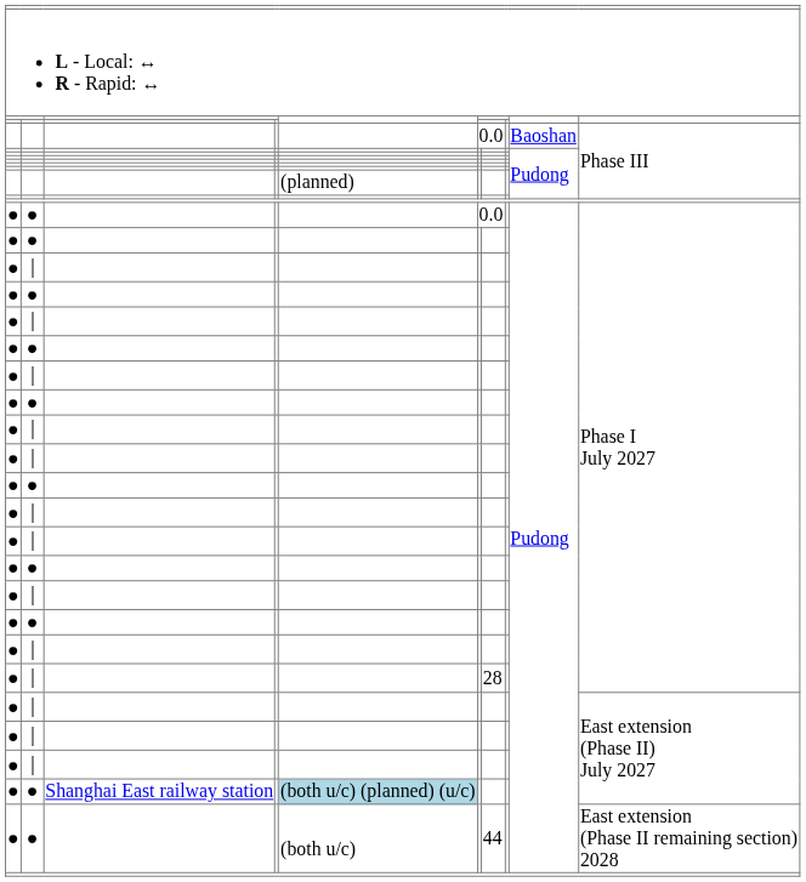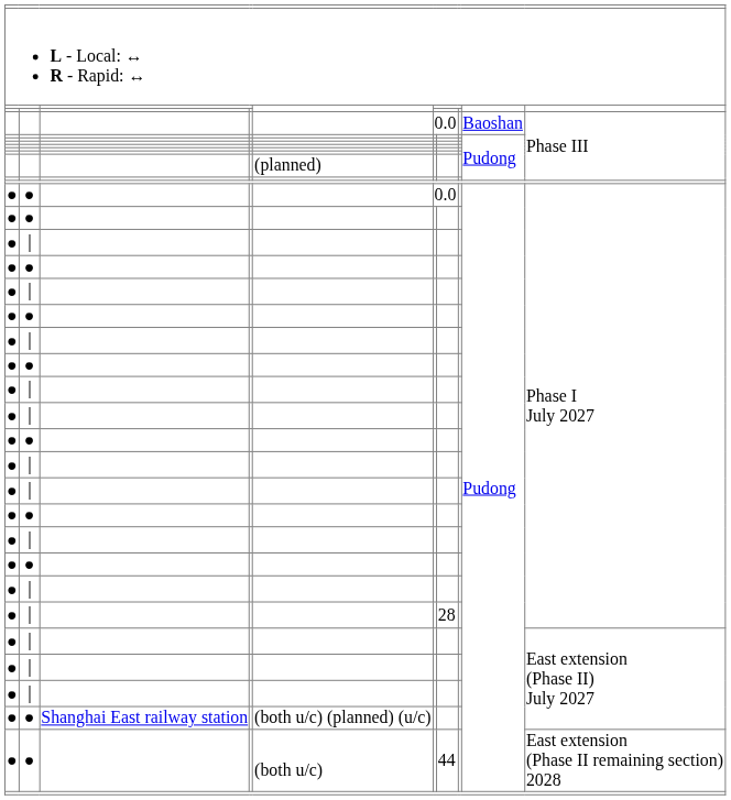 <table border=1 style="border-collapse: collapse;" class="mw-collapsible">
 <tr>
 <th colspan="11" style="text-align: center"></th>
 </tr>
 <tr>
 <td colspan="10" style="text-align: left"><br><ul><li><strong>L</strong> - Local:  ↔ </li><li><strong>R</strong> - Rapid:  ↔ </li></ul></td>
 </tr>
 <tr>
 <th rowspan="1" colspan="2"></th>
 <th colspan="2"></th>
 <th rowspan="2"></th>
 <th colspan="3" rowspan="1"></th>
 <th rowspan="2"></th>
 <th rowspan="2"></th>
 </tr>
 <tr>
 <th rowspan="1"></th>
 <th rowspan="1"></th>
 <th></th>
 <th></th>
 <th colspan="2"></th>
 <th></th>
 </tr>
 <tr>
 <td align="center"></td>
 <td align="center"></td>
 <td></td>
 <td></td>
 <td></td>
 <td colspan="2">0.0</td>
 <td></td>
 <td><a href='#'>Baoshan</a></td>
 <td rowspan="9">Phase III<br></td>
 </tr>
 <tr>
 <td align="center"></td>
 <td align="center"></td>
 <td></td>
 <td></td>
 <td></td>
 <td></td>
 <td></td>
 <td></td>
 <td rowspan="8"><a href='#'>Pudong</a></td>
 </tr>
 <tr>
 <td align="center"></td>
 <td align="center"></td>
 <td></td>
 <td></td>
 <td></td>
 <td></td>
 <td></td>
 <td></td>
 </tr>
 <tr>
 <td align="center"></td>
 <td align="center"></td>
 <td></td>
 <td></td>
 <td></td>
 <td></td>
 <td></td>
 <td></td>
 </tr>
 <tr>
 <td align="center"></td>
 <td align="center"></td>
 <td></td>
 <td></td>
 <td></td>
 <td></td>
 <td></td>
 <td></td>
 </tr>
 <tr>
 <td align="center"></td>
 <td align="center"></td>
 <td></td>
 <td></td>
 <td></td>
 <td></td>
 <td></td>
 <td></td>
 </tr>
 <tr>
 <td align="center"></td>
 <td align="center"></td>
 <td></td>
 <td></td>
 <td></td>
 <td></td>
 <td></td>
 <td></td>
 </tr>
 <tr>
 <td align="center"></td>
 <td align="center"></td>
 <td></td>
 <td></td>
 <td> (planned)</td>
 <td></td>
 <td></td>
 <td></td>
 </tr>
 <tr>
 <td align="center"></td>
 <td align="center"></td>
 <td></td>
 <td></td>
 <td></td>
 <td></td>
 <td></td>
 <td></td>
 </tr>
 <tr style="background:#">
 <td colspan = "10"></td>
 </tr>
 <tr>
 <td align="center">●</td>
 <td align="center">●</td>
 <td></td>
 <td></td>
 <td></td>
 <td colspan="2">0.0</td>
 <td></td>
 <td rowspan="23"><a href='#'>Pudong</a></td>
 <td rowspan="18">Phase I<br>July 2027</td>
 </tr>
 <tr>
 <td align="center">●</td>
 <td align="center">●</td>
 <td></td>
 <td></td>
 <td></td>
 <td></td>
 <td></td>
 <td></td>
 </tr>
 <tr>
 <td align="center">●</td>
 <td align="center">｜</td>
 <td></td>
 <td></td>
 <td></td>
 <td></td>
 <td></td>
 <td></td>
 </tr>
 <tr>
 <td align="center">●</td>
 <td align="center">●</td>
 <td></td>
 <td></td>
 <td></td>
 <td></td>
 <td></td>
 <td></td>
 </tr>
 <tr>
 <td align="center">●</td>
 <td align="center">｜</td>
 <td></td>
 <td></td>
 <td></td>
 <td></td>
 <td></td>
 <td></td>
 </tr>
 <tr>
 <td align="center">●</td>
 <td align="center">●</td>
 <td></td>
 <td></td>
 <td></td>
 <td></td>
 <td></td>
 <td></td>
 </tr>
 <tr>
 <td align="center">●</td>
 <td align="center">｜</td>
 <td></td>
 <td></td>
 <td></td>
 <td></td>
 <td></td>
 <td></td>
 </tr>
 <tr>
 <td align="center">●</td>
 <td align="center">●</td>
 <td></td>
 <td></td>
 <td></td>
 <td></td>
 <td></td>
 <td></td>
 </tr>
 <tr>
 <td align="center">●</td>
 <td align="center">｜</td>
 <td></td>
 <td></td>
 <td></td>
 <td></td>
 <td></td>
 <td></td>
 </tr>
 <tr>
 <td align="center">●</td>
 <td align="center">｜</td>
 <td></td>
 <td></td>
 <td></td>
 <td></td>
 <td></td>
 <td></td>
 </tr>
 <tr>
 <td align="center">●</td>
 <td align="center">●</td>
 <td></td>
 <td></td>
 <td></td>
 <td></td>
 <td></td>
 <td></td>
 </tr>
 <tr>
 <td align="center">●</td>
 <td align="center">｜</td>
 <td></td>
 <td></td>
 <td></td>
 <td></td>
 <td></td>
 <td></td>
 </tr>
 <tr>
 <td align="center">●</td>
 <td align="center">｜</td>
 <td></td>
 <td></td>
 <td></td>
 <td></td>
 <td></td>
 <td></td>
 </tr>
 <tr>
 <td align="center">●</td>
 <td align="center">●</td>
 <td></td>
 <td></td>
 <td> </td>
 <td></td>
 <td></td>
 <td></td>
 </tr>
 <tr>
 <td align="center">●</td>
 <td align="center">｜</td>
 <td></td>
 <td></td>
 <td></td>
 <td></td>
 <td></td>
 <td></td>
 </tr>
 <tr>
 <td align="center">●</td>
 <td align="center">●</td>
 <td></td>
 <td></td>
 <td></td>
 <td></td>
 <td></td>
 <td></td>
 </tr>
 <tr>
 <td align="center">●</td>
 <td align="center">｜</td>
 <td></td>
 <td></td>
 <td></td>
 <td></td>
 <td></td>
 <td></td>
 </tr>
 <tr>
 <td align="center">●</td>
 <td align="center">｜</td>
 <td></td>
 <td></td>
 <td></td>
 <td></td>
 <td>28</td>
 <td></td>
 </tr>
 <tr>
 <td align="center">●</td>
 <td align="center">｜</td>
 <td></td>
 <td></td>
 <td></td>
 <td></td>
 <td></td>
 <td></td>
 <td rowspan="4">East extension<br>(Phase II)<br>July 2027</td>
 </tr>
 <tr>
 <td align="center">●</td>
 <td align="center">｜</td>
 <td></td>
 <td></td>
 <td></td>
 <td></td>
 <td></td>
 <td></td>
 </tr>
 <tr>
 <td align="center">●</td>
 <td align="center">｜</td>
 <td></td>
 <td></td>
 <td></td>
 <td></td>
 <td></td>
 <td></td>
 </tr>
 <tr>
 <td align="center">●</td>
 <td align="center">●</td>
 <td><a href='#'>Shanghai East railway station</a></td>
 <td></td>
-<td style="background: lightblue;">   (both u/c)  (planned)  (u/c)</td>
+<td>   (both u/c)  (planned)  (u/c)</td>
 <td></td>
 <td></td>
 <td></td>
 </tr>
 <tr>
 <td align="center">●</td>
 <td align="center">●</td>
 <td></td>
 <td></td>
 <td> <br>   (both u/c)</td>
 <td></td>
 <td>44</td>
 <td></td>
 <td>East extension<br>(Phase II remaining section)<br>2028</td>
 </tr>
 <tr style="background:#">
 <td colspan="10"></td>
 </tr>
 </table>
